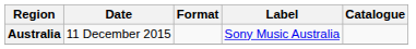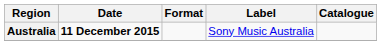 <table class="wikitable plainrowheaders">
 <tr>
 <th scope="col">Region</th>
 <th scope="col">Date</th>
 <th scope="col">Format</th>
 <th scope="col">Label</th>
 <th scope="col">Catalogue</th>
 </tr>
 <tr>
 <th scope="row">Australia</th>
-<td>11 December 2015</td>
+<td><strong>11 December 2015</strong></td>
 <td></td>
 <td><a href='#'>Sony Music Australia</a></td>
 <td></td>
 </tr>
 <tr>
 </tr>
 </table>
